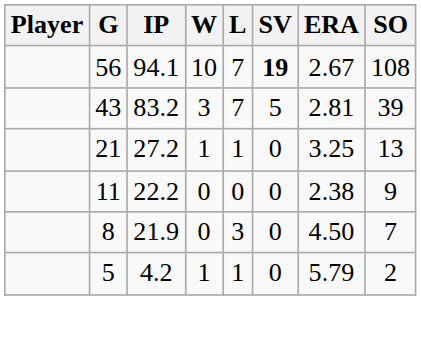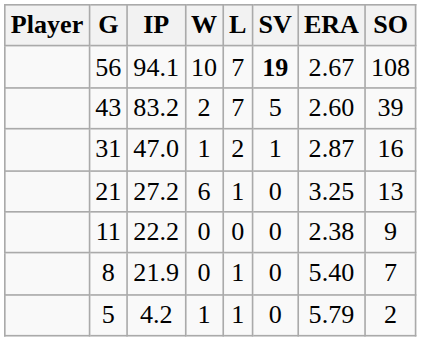 <table class="wikitable sortable">
 <tr>
 <th>Player</th>
 <th>G</th>
 <th>IP</th>
 <th>W</th>
 <th>L</th>
 <th>SV</th>
 <th>ERA</th>
 <th>SO</th>
 </tr>
 <tr align="center">
 <td></td>
 <td>56</td>
 <td>94.1</td>
 <td>10</td>
 <td>7</td>
 <td><strong>19</strong></td>
 <td>2.67</td>
 <td>108</td>
 </tr>
 <tr align="center">
 <td></td>
 <td>43</td>
 <td>83.2</td>
-<td>3</td>
+<td>2</td>
 <td>7</td>
 <td>5</td>
-<td>2.81</td>
+<td>2.60</td>
 <td>39</td>
+</tr>
+<tr align="center">
+<td></td>
+<td>31</td>
+<td>47.0</td>
+<td>1</td>
+<td>2</td>
+<td>1</td>
+<td>2.87</td>
+<td>16</td>
 </tr>
 <tr align="center">
 <td></td>
 <td>21</td>
 <td>27.2</td>
-<td>1</td>
+<td>6</td>
 <td>1</td>
 <td>0</td>
 <td>3.25</td>
 <td>13</td>
 </tr>
 <tr align="center">
 <td></td>
 <td>11</td>
 <td>22.2</td>
 <td>0</td>
 <td>0</td>
 <td>0</td>
 <td>2.38</td>
 <td>9</td>
 </tr>
 <tr align="center">
 <td></td>
 <td>8</td>
 <td>21.9</td>
 <td>0</td>
-<td>3</td>
+<td>1</td>
 <td>0</td>
-<td>4.50</td>
+<td>5.40</td>
 <td>7</td>
 </tr>
 <tr align="center">
 <td></td>
 <td>5</td>
 <td>4.2</td>
 <td>1</td>
 <td>1</td>
 <td>0</td>
 <td>5.79</td>
 <td>2</td>
 </tr>
 </table>
